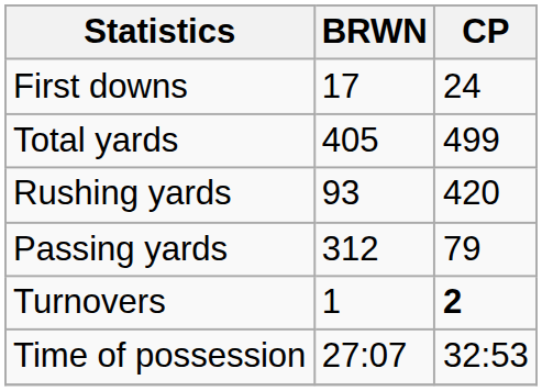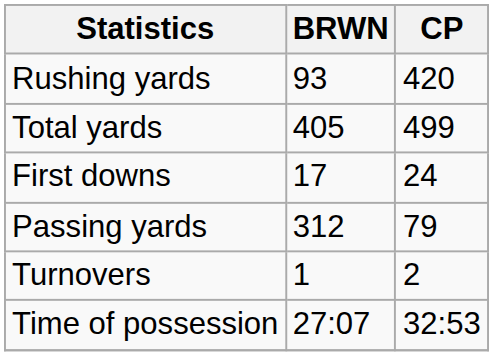 <table class="wikitable">
 <tr>
 <th>Statistics</th>
 <th>BRWN</th>
 <th>CP</th>
 </tr>
 <tr>
-<td>First downs</td>
-<td>17</td>
-<td>24</td>
+<td>Rushing yards</td>
+<td>93</td>
+<td>420</td>
 </tr>
 <tr>
 <td>Total yards</td>
 <td>405</td>
 <td>499</td>
 </tr>
 <tr>
-<td>Rushing yards</td>
-<td>93</td>
-<td>420</td>
+<td>First downs</td>
+<td>17</td>
+<td>24</td>
 </tr>
 <tr>
 <td>Passing yards</td>
 <td>312</td>
 <td>79</td>
 </tr>
 <tr>
 <td>Turnovers</td>
 <td>1</td>
-<td><strong>2</strong></td>
+<td>2</td>
 </tr>
 <tr>
 <td>Time of possession</td>
 <td>27:07</td>
 <td>32:53</td>
 </tr>
 <tr>
 </tr>
 </table>
